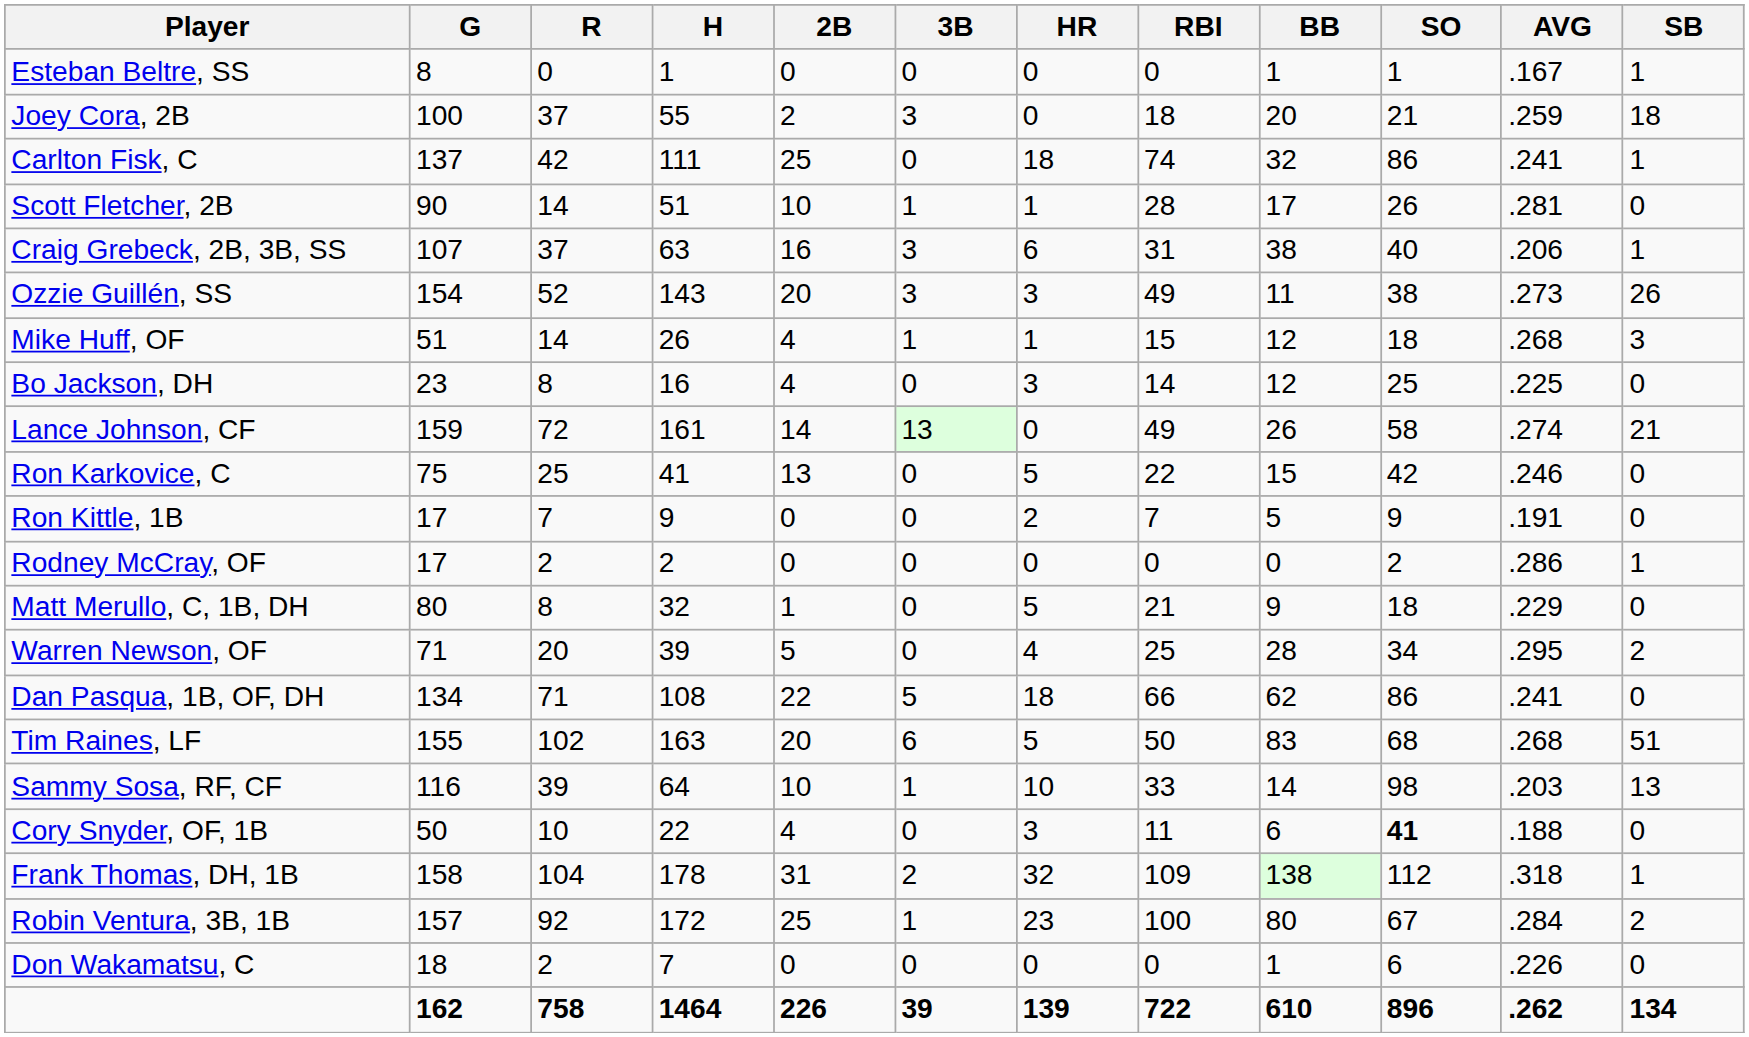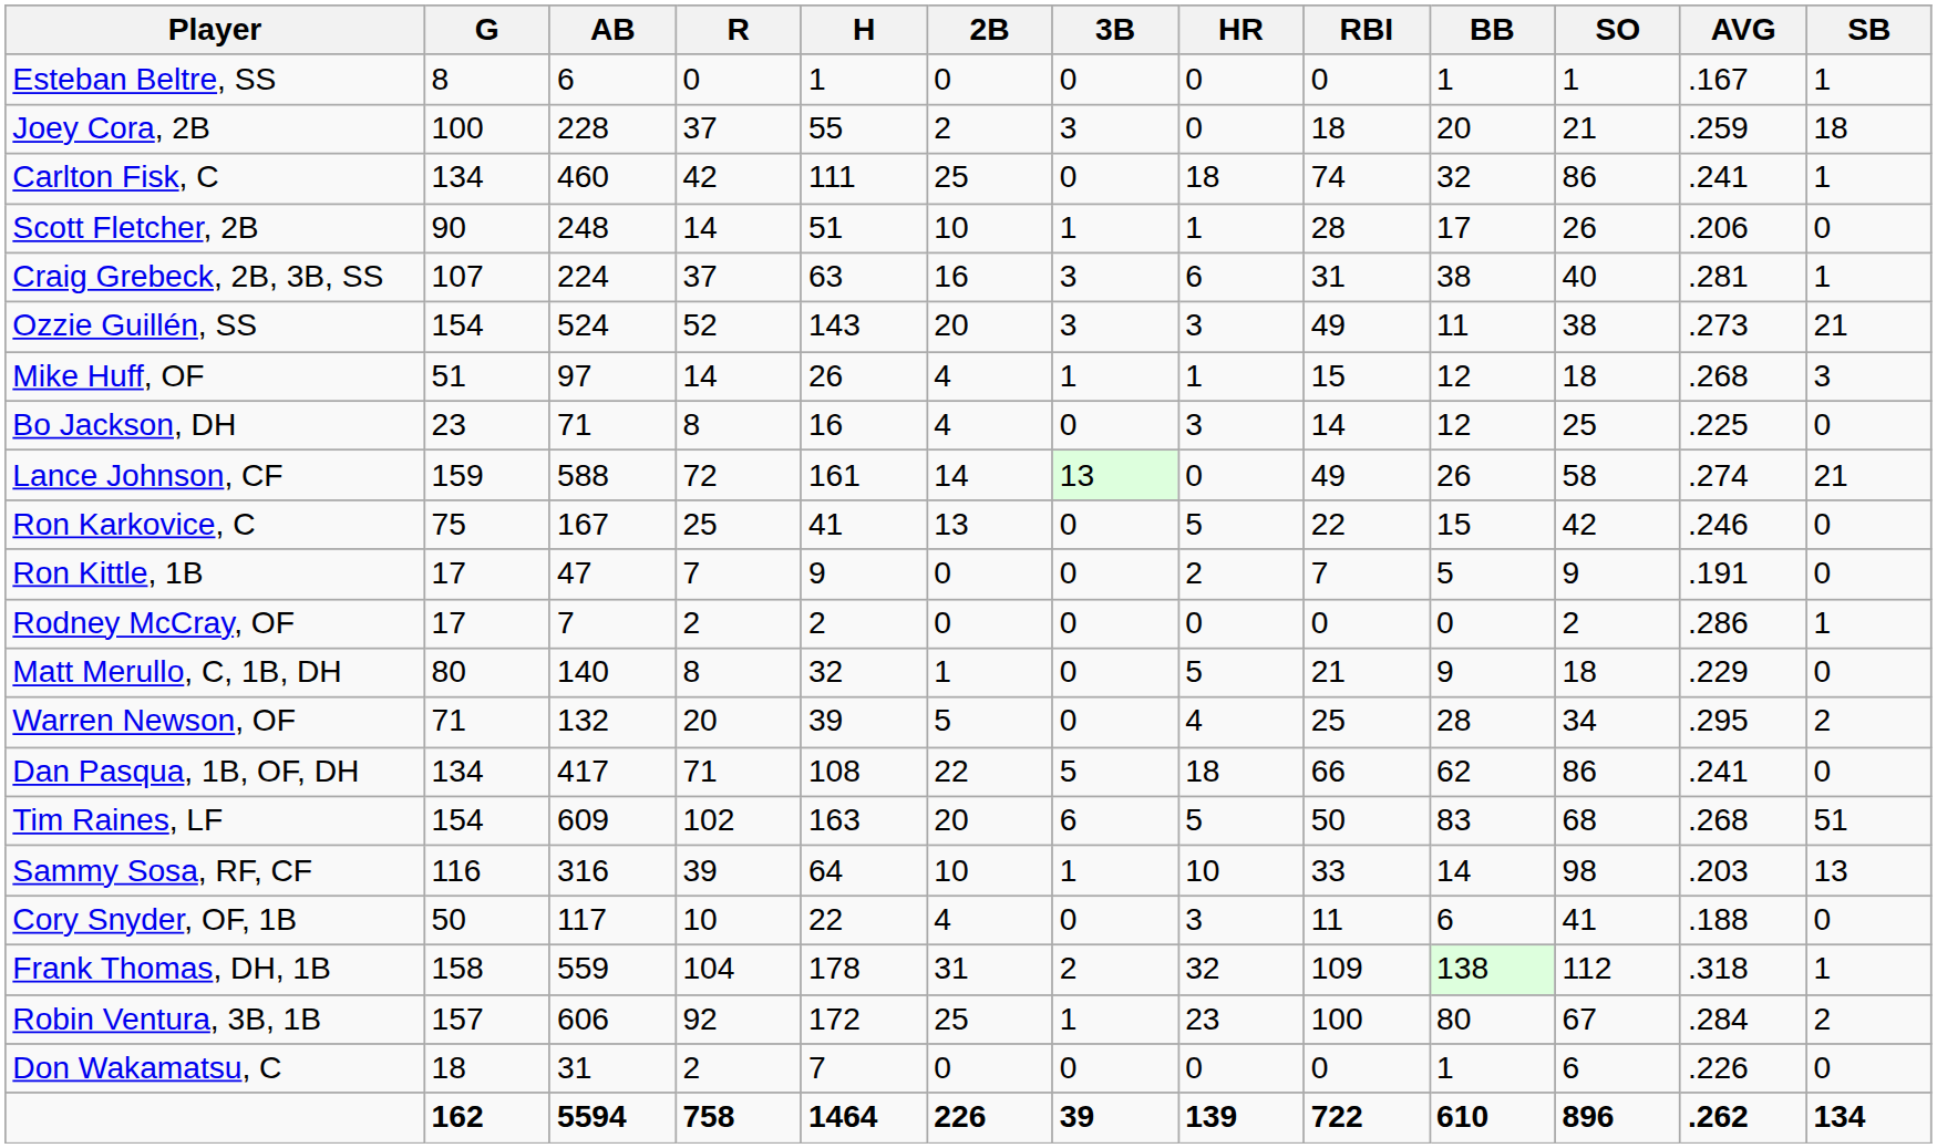 <table class="wikitable sortable">
 <tr>
 <th bgcolor="#DDDDFF" width="20%">Player</th>
 <th bgcolor="#DDDDFF" width="6%">G</th>
+<th bgcolor="#DDDDFF" width="6%">AB</th>
 <th bgcolor="#DDDDFF" width="6%">R</th>
 <th bgcolor="#DDDDFF" width="6%">H</th>
 <th bgcolor="#DDDDFF" width="6%">2B</th>
 <th bgcolor="#DDDDFF" width="6%">3B</th>
 <th bgcolor="#DDDDFF" width="6%">HR</th>
 <th bgcolor="#DDDDFF" width="6%">RBI</th>
 <th bgcolor="#DDDDFF" width="6%">BB</th>
 <th bgcolor="#DDDDFF" width="6%">SO</th>
 <th bgcolor="#DDDDFF" width="6%">AVG</th>
 <th bgcolor="#DDDDFF" width="6%">SB</th>
 </tr>
 <tr>
 <td><a href='#'>Esteban Beltre</a>, SS</td>
 <td>8</td>
+<td>6</td>
 <td>0</td>
 <td>1</td>
 <td>0</td>
 <td>0</td>
 <td>0</td>
 <td>0</td>
 <td>1</td>
 <td>1</td>
 <td>.167</td>
 <td>1</td>
 </tr>
 <tr>
 <td><a href='#'>Joey Cora</a>, 2B</td>
 <td>100</td>
+<td>228</td>
 <td>37</td>
 <td>55</td>
 <td>2</td>
 <td>3</td>
 <td>0</td>
 <td>18</td>
 <td>20</td>
 <td>21</td>
 <td>.259</td>
 <td>18</td>
 </tr>
 <tr>
 <td><a href='#'>Carlton Fisk</a>, C</td>
-<td>137</td>
+<td>134</td>
+<td>460</td>
 <td>42</td>
 <td>111</td>
 <td>25</td>
 <td>0</td>
 <td>18</td>
 <td>74</td>
 <td>32</td>
 <td>86</td>
 <td>.241</td>
 <td>1</td>
 </tr>
 <tr>
 <td><a href='#'>Scott Fletcher</a>, 2B</td>
 <td>90</td>
+<td>248</td>
 <td>14</td>
 <td>51</td>
 <td>10</td>
 <td>1</td>
 <td>1</td>
 <td>28</td>
 <td>17</td>
 <td>26</td>
-<td>.281</td>
+<td>.206</td>
 <td>0</td>
 </tr>
 <tr>
 <td><a href='#'>Craig Grebeck</a>, 2B, 3B, SS</td>
 <td>107</td>
+<td>224</td>
 <td>37</td>
 <td>63</td>
 <td>16</td>
 <td>3</td>
 <td>6</td>
 <td>31</td>
 <td>38</td>
 <td>40</td>
-<td>.206</td>
+<td>.281</td>
 <td>1</td>
 </tr>
 <tr>
 <td><a href='#'>Ozzie Guillén</a>, SS</td>
 <td>154</td>
+<td>524</td>
 <td>52</td>
 <td>143</td>
 <td>20</td>
 <td>3</td>
 <td>3</td>
 <td>49</td>
 <td>11</td>
 <td>38</td>
 <td>.273</td>
-<td>26</td>
+<td>21</td>
 </tr>
 <tr>
 <td><a href='#'>Mike Huff</a>, OF</td>
 <td>51</td>
+<td>97</td>
 <td>14</td>
 <td>26</td>
 <td>4</td>
 <td>1</td>
 <td>1</td>
 <td>15</td>
 <td>12</td>
 <td>18</td>
 <td>.268</td>
 <td>3</td>
 </tr>
 <tr>
 <td><a href='#'>Bo Jackson</a>, DH</td>
 <td>23</td>
+<td>71</td>
 <td>8</td>
 <td>16</td>
 <td>4</td>
 <td>0</td>
 <td>3</td>
 <td>14</td>
 <td>12</td>
 <td>25</td>
 <td>.225</td>
 <td>0</td>
 </tr>
 <tr>
 <td><a href='#'>Lance Johnson</a>, CF</td>
 <td>159</td>
+<td>588</td>
 <td>72</td>
 <td>161</td>
 <td>14</td>
 <td style="background:#DDFFDD;">13</td>
 <td>0</td>
 <td>49</td>
 <td>26</td>
 <td>58</td>
 <td>.274</td>
 <td>21</td>
 </tr>
 <tr>
 <td><a href='#'>Ron Karkovice</a>, C</td>
 <td>75</td>
+<td>167</td>
 <td>25</td>
 <td>41</td>
 <td>13</td>
 <td>0</td>
 <td>5</td>
 <td>22</td>
 <td>15</td>
 <td>42</td>
 <td>.246</td>
 <td>0</td>
 </tr>
 <tr>
 <td><a href='#'>Ron Kittle</a>, 1B</td>
 <td>17</td>
+<td>47</td>
 <td>7</td>
 <td>9</td>
 <td>0</td>
 <td>0</td>
 <td>2</td>
 <td>7</td>
 <td>5</td>
 <td>9</td>
 <td>.191</td>
 <td>0</td>
 </tr>
 <tr>
 <td><a href='#'>Rodney McCray</a>, OF</td>
 <td>17</td>
+<td>7</td>
 <td>2</td>
 <td>2</td>
 <td>0</td>
 <td>0</td>
 <td>0</td>
 <td>0</td>
 <td>0</td>
 <td>2</td>
 <td>.286</td>
 <td>1</td>
 </tr>
 <tr>
 <td><a href='#'>Matt Merullo</a>, C, 1B, DH</td>
 <td>80</td>
+<td>140</td>
 <td>8</td>
 <td>32</td>
 <td>1</td>
 <td>0</td>
 <td>5</td>
 <td>21</td>
 <td>9</td>
 <td>18</td>
 <td>.229</td>
 <td>0</td>
 </tr>
 <tr>
 <td><a href='#'>Warren Newson</a>, OF</td>
 <td>71</td>
+<td>132</td>
 <td>20</td>
 <td>39</td>
 <td>5</td>
 <td>0</td>
 <td>4</td>
 <td>25</td>
 <td>28</td>
 <td>34</td>
 <td>.295</td>
 <td>2</td>
 </tr>
 <tr>
 <td><a href='#'>Dan Pasqua</a>, 1B, OF, DH</td>
 <td>134</td>
+<td>417</td>
 <td>71</td>
 <td>108</td>
 <td>22</td>
 <td>5</td>
 <td>18</td>
 <td>66</td>
 <td>62</td>
 <td>86</td>
 <td>.241</td>
 <td>0</td>
 </tr>
 <tr>
 <td><a href='#'>Tim Raines</a>, LF</td>
-<td>155</td>
+<td>154</td>
+<td>609</td>
 <td>102</td>
 <td>163</td>
 <td>20</td>
 <td>6</td>
 <td>5</td>
 <td>50</td>
 <td>83</td>
 <td>68</td>
 <td>.268</td>
 <td>51</td>
 </tr>
 <tr>
 <td><a href='#'>Sammy Sosa</a>, RF, CF</td>
 <td>116</td>
+<td>316</td>
 <td>39</td>
 <td>64</td>
 <td>10</td>
 <td>1</td>
 <td>10</td>
 <td>33</td>
 <td>14</td>
 <td>98</td>
 <td>.203</td>
 <td>13</td>
 </tr>
 <tr>
 <td><a href='#'>Cory Snyder</a>, OF, 1B</td>
 <td>50</td>
+<td>117</td>
 <td>10</td>
 <td>22</td>
 <td>4</td>
 <td>0</td>
 <td>3</td>
 <td>11</td>
 <td>6</td>
-<td><strong>41</strong></td>
+<td>41</td>
 <td>.188</td>
 <td>0</td>
 </tr>
 <tr>
 <td><a href='#'>Frank Thomas</a>, DH, 1B</td>
 <td>158</td>
+<td>559</td>
 <td>104</td>
 <td>178</td>
 <td>31</td>
 <td>2</td>
 <td>32</td>
 <td>109</td>
 <td style="background:#DDFFDD;">138</td>
 <td>112</td>
 <td>.318</td>
 <td>1</td>
 </tr>
 <tr>
 <td><a href='#'>Robin Ventura</a>, 3B, 1B</td>
 <td>157</td>
+<td>606</td>
 <td>92</td>
 <td>172</td>
 <td>25</td>
 <td>1</td>
 <td>23</td>
 <td>100</td>
 <td>80</td>
 <td>67</td>
 <td>.284</td>
 <td>2</td>
 </tr>
 <tr>
 <td><a href='#'>Don Wakamatsu</a>, C</td>
 <td>18</td>
+<td>31</td>
 <td>2</td>
 <td>7</td>
 <td>0</td>
 <td>0</td>
 <td>0</td>
 <td>0</td>
 <td>1</td>
 <td>6</td>
 <td>.226</td>
 <td>0</td>
 </tr>
 <tr class="sortbottom">
 <td></td>
 <td><strong>162</strong></td>
+<td><strong>5594</strong></td>
 <td><strong>758</strong></td>
 <td><strong>1464</strong></td>
 <td><strong>226</strong></td>
 <td><strong>39</strong></td>
 <td><strong>139</strong></td>
 <td><strong>722</strong></td>
 <td><strong>610</strong></td>
 <td><strong>896</strong></td>
 <td><strong>.262</strong></td>
 <td><strong>134</strong></td>
 </tr>
 </table>
